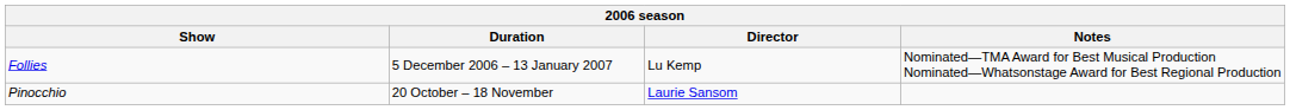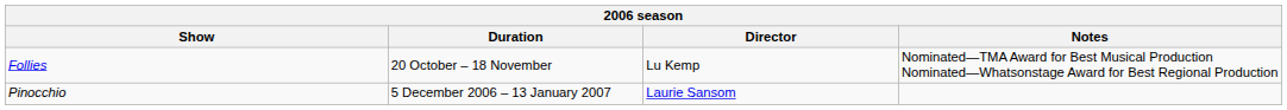 <table class="wikitable collapsible autocollapse">
 <tr>
 <th colspan="4">2006 season</th>
 </tr>
 <tr>
 <th width=30%>Show</th>
 <th width=20%>Duration</th>
 <th width=20%>Director</th>
 <th width=30%>Notes</th>
 </tr>
 <tr>
 <td><em><a href='#'>Follies</a></em></td>
-<td>5 December 2006 – 13 January 2007</td>
+<td>20 October – 18 November</td>
 <td>Lu Kemp</td>
 <td>Nominated—TMA Award for Best Musical Production<br>Nominated—Whatsonstage Award for Best Regional Production</td>
 </tr>
 <tr>
 <td><em>Pinocchio</em></td>
-<td>20 October – 18 November</td>
+<td>5 December 2006 – 13 January 2007</td>
 <td><a href='#'>Laurie Sansom</a></td>
 <td></td>
 </tr>
 </table>
